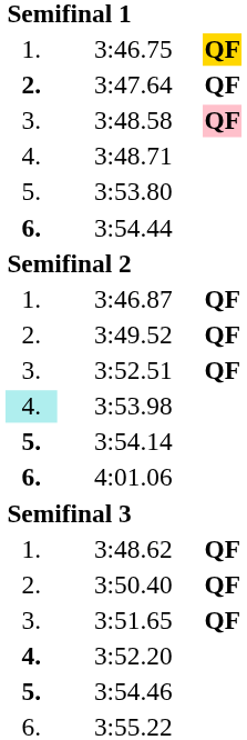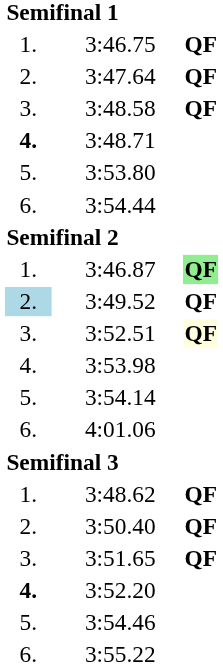 <table style="text-align:center">
 <tr>
 <td colspan=4 align=left><strong>Semifinal 1</strong></td>
 </tr>
 <tr>
 <td width=30>1.</td>
 <td align=left></td>
 <td width=80>3:46.75</td>
-<td style="background: gold;"><strong>QF</strong></td>
+<td><strong>QF</strong></td>
 </tr>
 <tr>
-<td><strong>2.</strong></td>
+<td>2.</td>
 <td align=left></td>
 <td>3:47.64</td>
 <td><strong>QF</strong></td>
 </tr>
 <tr>
 <td>3.</td>
 <td align=left></td>
 <td>3:48.58</td>
-<td style="background: pink;"><strong>QF</strong></td>
+<td><strong>QF</strong></td>
 </tr>
 <tr>
-<td>4.</td>
+<td><strong>4.</strong></td>
 <td align=left></td>
 <td>3:48.71</td>
 <td></td>
 </tr>
 <tr>
 <td>5.</td>
 <td align=left></td>
 <td>3:53.80</td>
 <td></td>
 </tr>
 <tr>
-<td><strong>6.</strong></td>
+<td>6.</td>
 <td align=left></td>
 <td>3:54.44</td>
 <td></td>
 </tr>
 <tr>
 <td colspan=4 align=left><strong>Semifinal 2</strong></td>
 </tr>
 <tr>
 <td>1.</td>
 <td align=left></td>
 <td>3:46.87</td>
-<td><strong>QF</strong></td>
+<td style="background: lightgreen;"><strong>QF</strong></td>
 </tr>
 <tr>
-<td>2.</td>
+<td style="background: lightblue;">2.</td>
 <td align=left></td>
 <td>3:49.52</td>
 <td><strong>QF</strong></td>
 </tr>
 <tr>
 <td>3.</td>
 <td align=left></td>
 <td>3:52.51</td>
-<td><strong>QF</strong></td>
+<td style="background: lightyellow;"><strong>QF</strong></td>
 </tr>
 <tr>
-<td style="background: paleturquoise;">4.</td>
+<td>4.</td>
 <td align=left></td>
 <td>3:53.98</td>
 <td></td>
 </tr>
 <tr>
-<td><strong>5.</strong></td>
+<td>5.</td>
 <td align=left></td>
 <td>3:54.14</td>
 <td></td>
 </tr>
 <tr>
-<td><strong>6.</strong></td>
+<td>6.</td>
 <td align=left></td>
 <td>4:01.06</td>
 <td></td>
 </tr>
 <tr>
 <td colspan=4 align=left><strong>Semifinal 3</strong></td>
 </tr>
 <tr>
 <td>1.</td>
 <td align=left></td>
 <td>3:48.62</td>
 <td><strong>QF</strong></td>
 </tr>
 <tr>
 <td>2.</td>
 <td align=left></td>
 <td>3:50.40</td>
 <td><strong>QF</strong></td>
 </tr>
 <tr>
 <td>3.</td>
 <td align=left></td>
 <td>3:51.65</td>
 <td><strong>QF</strong></td>
 </tr>
 <tr>
 <td><strong>4.</strong></td>
 <td align=left></td>
 <td>3:52.20</td>
 <td></td>
 </tr>
 <tr>
-<td><strong>5.</strong></td>
+<td>5.</td>
 <td align=left></td>
 <td>3:54.46</td>
 <td></td>
 </tr>
 <tr>
 <td>6.</td>
 <td align=left></td>
 <td>3:55.22</td>
 <td></td>
 </tr>
 </table>
